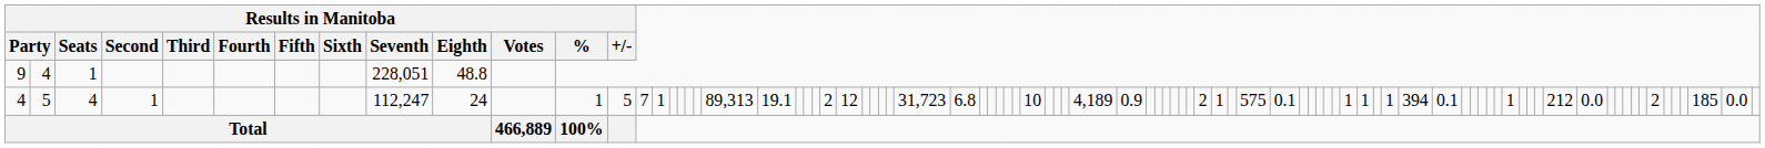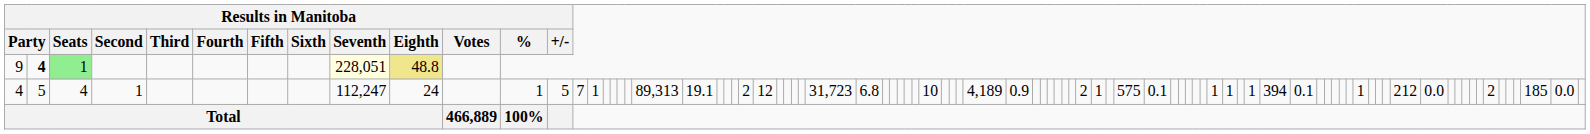 <table class="wikitable">
 <tr>
 <th align="center" colspan=13>Results in Manitoba</th>
 </tr>
 <tr>
 <th align="centre" colspan=2>Party</th>
 <th align="right">Seats</th>
 <th align="right">Second</th>
 <th align="right">Third</th>
 <th align="right">Fourth</th>
 <th align="right">Fifth</th>
 <th align="right">Sixth</th>
 <th align="right">Seventh</th>
 <th align="right">Eighth</th>
 <th align="right">Votes</th>
 <th align="right">%</th>
 <th align="right">+/-</th>
 </tr>
 <tr>
 <td align="right">9</td>
-<td align="right">4</td>
-<td align="right">1</td>
+<td align="right"><strong>4</strong></td>
+<td align="right" style="background: lightgreen;">1</td>
 <td align="right"></td>
 <td align="right"></td>
 <td align="right"></td>
 <td align="right"></td>
 <td align="right"></td>
-<td align="right">228,051</td>
-<td align="right">48.8</td>
+<td align="right" style="background: lightyellow;">228,051</td>
+<td align="right" style="background: khaki;">48.8</td>
 <td align="right"></td>
 </tr>
 <tr>
 <td align="right">4</td>
 <td align="right">5</td>
 <td align="right">4</td>
 <td align="right">1</td>
 <td align="right"></td>
 <td align="right"></td>
 <td align="right"></td>
 <td align="right"></td>
 <td align="right">112,247</td>
 <td align="right">24</td>
 <td align="right"><br></td>
 <td align="right">1</td>
 <td align="right">5</td>
 <td align="right">7</td>
 <td align="right">1</td>
 <td align="right"></td>
 <td align="right"></td>
 <td align="right"></td>
 <td align="right"></td>
 <td align="right">89,313</td>
 <td align="right">19.1</td>
 <td align="right"><br></td>
 <td align="right"></td>
 <td align="right"></td>
 <td align="right">2</td>
 <td align="right">12</td>
 <td align="right"></td>
 <td align="right"></td>
 <td align="right"></td>
 <td align="right"></td>
 <td align="right">31,723</td>
 <td align="right">6.8</td>
 <td align="right"><br></td>
 <td align="right"></td>
 <td align="right"></td>
 <td align="right"></td>
 <td align="right"></td>
 <td align="right">10</td>
 <td align="right"></td>
 <td align="right"></td>
 <td align="right"></td>
 <td align="right">4,189</td>
 <td align="right">0.9</td>
 <td align="right"><br></td>
 <td align="right"></td>
 <td align="right"></td>
 <td align="right"></td>
 <td align="right"></td>
 <td align="right"></td>
 <td align="right">2</td>
 <td align="right">1</td>
 <td align="right"></td>
 <td align="right">575</td>
 <td align="right">0.1</td>
 <td align="right"><br></td>
 <td align="right"></td>
 <td align="right"></td>
 <td align="right"></td>
 <td align="right"></td>
 <td align="right">1</td>
 <td align="right">1</td>
 <td align="right"></td>
 <td align="right">1</td>
 <td align="right">394</td>
 <td align="right">0.1</td>
 <td align="right"><br></td>
 <td align="right"></td>
 <td align="right"></td>
 <td align="right"></td>
 <td align="right"></td>
 <td align="right">1</td>
 <td align="right"></td>
 <td align="right"></td>
 <td align="right"></td>
 <td align="right">212</td>
 <td align="right">0.0</td>
 <td align="right"><br></td>
 <td align="right"></td>
 <td align="right"></td>
 <td align="right"></td>
 <td align="right"></td>
 <td align="right">2</td>
 <td align="right"></td>
 <td align="right"></td>
 <td align="right"></td>
 <td align="right">185</td>
 <td align="right">0.0</td>
 <td align="right"></td>
 </tr>
 <tr bgcolor="white">
 <th align="left" colspan=10>Total</th>
 <th align="right">466,889</th>
 <th align="right">100%</th>
 <th align="right"></th>
 </tr>
 </table>
